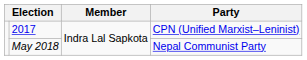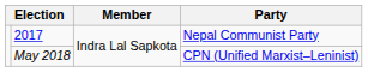 <table class="wikitable">
 <tr>
 <th colspan="2">Election</th>
 <th>Member</th>
 <th>Party</th>
 </tr>
 <tr>
 <td rowspan="2" style="background-color:"></td>
 <td><a href='#'>2017</a></td>
 <td rowspan="2">Indra Lal Sapkota</td>
-<td><a href='#'>CPN (Unified Marxist–Leninist)</a></td>
+<td><a href='#'>Nepal Communist Party</a></td>
 </tr>
 <tr>
 <td><em>May 2018</em></td>
-<td><a href='#'>Nepal Communist Party</a></td>
+<td><a href='#'>CPN (Unified Marxist–Leninist)</a></td>
 </tr>
 </table>
